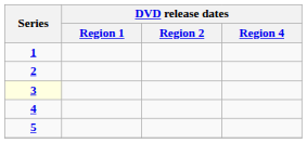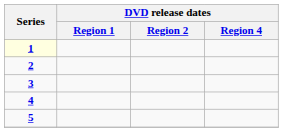 <table class="wikitable" style="text-align:center" width="45%">
 <tr>
 <th scope="col" rowspan="2">Series</th>
 <th scope="col" colspan="3"><a href='#'>DVD</a> release dates</th>
 </tr>
 <tr>
 <th><a href='#'>Region 1</a></th>
 <th><a href='#'>Region 2</a></th>
 <th><a href='#'>Region 4</a></th>
 </tr>
 <tr>
-<td><strong><a href='#'>1</a></strong></td>
+<td style="background: lightyellow;"><strong><a href='#'>1</a></strong></td>
 <td></td>
 <td></td>
 <td></td>
 </tr>
 <tr>
 <td><strong><a href='#'>2</a></strong></td>
 <td></td>
 <td></td>
 <td></td>
 </tr>
 <tr>
-<td style="background: lightyellow;"><strong><a href='#'>3</a></strong></td>
+<td><strong><a href='#'>3</a></strong></td>
 <td></td>
 <td></td>
 <td></td>
 </tr>
 <tr>
 <td><strong><a href='#'>4</a></strong></td>
 <td></td>
 <td></td>
 <td></td>
 </tr>
 <tr>
 <td><strong><a href='#'>5</a></strong></td>
 <td></td>
 <td></td>
 <td></td>
 </tr>
 <tr>
 </tr>
 </table>
